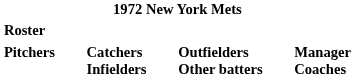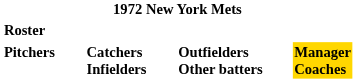 <table class="toccolours" style="font-size: 95%;">
 <tr>
 <th colspan="10">1972 New York Mets</th>
 </tr>
 <tr>
 <td colspan="10"><strong>Roster</strong></td>
 </tr>
 <tr>
 <td valign="top"><strong>Pitchers</strong><br>               </td>
 <td width="25px"></td>
 <td valign="top"><strong>Catchers</strong><br>    <strong>Infielders</strong>          </td>
 <td width="25px"></td>
 <td valign="top"><strong>Outfielders</strong><br>        <strong>Other batters</strong>  </td>
 <td width="25px"></td>
-<td valign="top"><strong>Manager</strong><br> <strong>Coaches</strong>    </td>
+<td valign="top" style="background: gold;"><strong>Manager</strong><br> <strong>Coaches</strong>    </td>
 </tr>
 </table>
